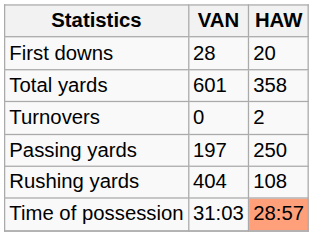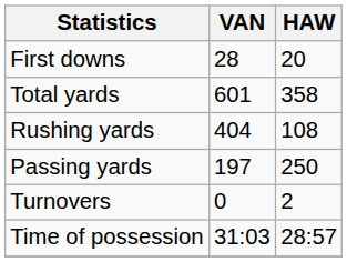 <table class="wikitable" style="float: left;">
 <tr>
 <th>Statistics</th>
 <th>VAN</th>
 <th>HAW</th>
 </tr>
 <tr>
 <td>First downs</td>
 <td>28</td>
 <td>20</td>
 </tr>
 <tr>
 <td>Total yards</td>
 <td>601</td>
 <td>358</td>
 </tr>
 <tr>
-<td>Turnovers</td>
-<td>0</td>
-<td>2</td>
+<td>Rushing yards</td>
+<td>404</td>
+<td>108</td>
 </tr>
 <tr>
 <td>Passing yards</td>
 <td>197</td>
 <td>250</td>
 </tr>
 <tr>
-<td>Rushing yards</td>
-<td>404</td>
-<td>108</td>
+<td>Turnovers</td>
+<td>0</td>
+<td>2</td>
 </tr>
 <tr>
 <td>Time of possession</td>
 <td>31:03</td>
-<td style="background: lightsalmon;">28:57</td>
+<td>28:57</td>
 </tr>
 <tr>
 </tr>
 </table>
